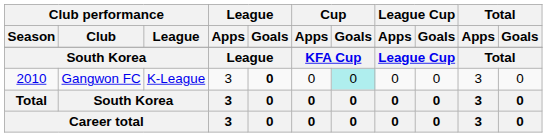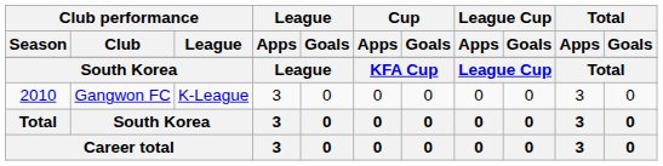 <table class="wikitable" style="text-align:center">
 <tr>
 <th colspan=3>Club performance</th>
 <th colspan=2>League</th>
 <th colspan=2>Cup</th>
 <th colspan=2>League Cup</th>
 <th colspan=2>Total</th>
 </tr>
 <tr>
 <th>Season</th>
 <th>Club</th>
 <th>League</th>
 <th>Apps</th>
 <th>Goals</th>
 <th>Apps</th>
 <th>Goals</th>
 <th>Apps</th>
 <th>Goals</th>
 <th>Apps</th>
 <th>Goals</th>
 </tr>
 <tr>
 </tr>
 <tr>
 <th colspan=3>South Korea</th>
 <th colspan=2>League</th>
 <th colspan=2><a href='#'>KFA Cup</a></th>
 <th colspan=2><a href='#'>League Cup</a></th>
 <th colspan=2>Total</th>
 </tr>
 <tr>
 <td><a href='#'>2010</a></td>
 <td rowspan=1><a href='#'>Gangwon FC</a></td>
 <td rowspan="1"><a href='#'>K-League</a></td>
 <td>3</td>
-<td><strong>0</strong></td>
 <td>0</td>
-<td style="background: paleturquoise;">0</td>
+<td>0</td>
+<td>0</td>
 <td>0</td>
 <td>0</td>
 <td>3</td>
 <td>0</td>
 </tr>
 <tr>
 <th rowspan=1>Total</th>
 <th colspan=2>South Korea</th>
 <th>3</th>
 <th>0</th>
 <th>0</th>
 <th>0</th>
 <th>0</th>
 <th>0</th>
 <th>3</th>
 <th>0</th>
 </tr>
 <tr>
 <th colspan=3>Career total</th>
 <th>3</th>
 <th>0</th>
 <th>0</th>
 <th>0</th>
 <th>0</th>
 <th>0</th>
 <th>3</th>
 <th>0</th>
 </tr>
 </table>
